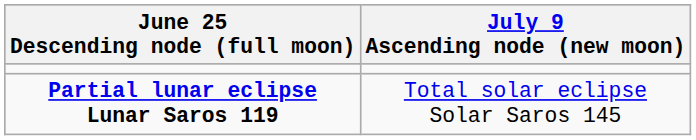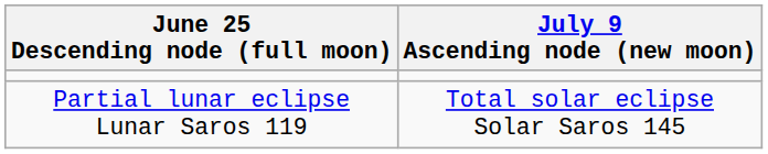 <table class="wikitable">
 <tr>
 <th>June 25<br>Descending node (full moon)</th>
 <th><a href='#'>July 9</a><br>Ascending node (new moon)</th>
 </tr>
 <tr>
 <td></td>
 <td></td>
 </tr>
 <tr align=center>
-<td><strong><a href='#'>Partial lunar eclipse</a><br>Lunar Saros 119</strong></td>
+<td><a href='#'>Partial lunar eclipse</a><br>Lunar Saros 119</td>
 <td><a href='#'>Total solar eclipse</a><br>Solar Saros 145</td>
 </tr>
 </table>
